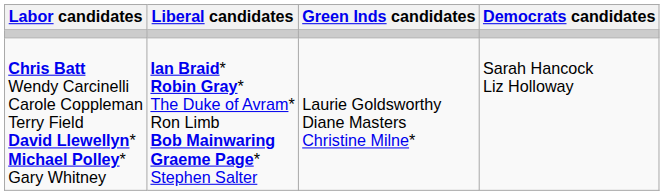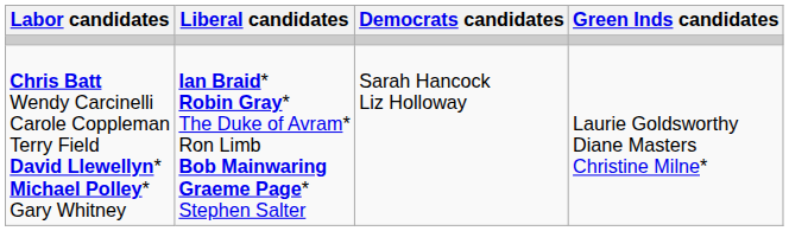 <table class="wikitable">
 <tr>
 <th><a href='#'>Labor</a> candidates</th>
 <th><a href='#'>Liberal</a> candidates</th>
+<th><a href='#'>Democrats</a> candidates</th>
 <th><a href='#'>Green Inds</a> candidates</th>
-<th><a href='#'>Democrats</a> candidates</th>
 </tr>
 <tr bgcolor="#cccccc">
 <td></td>
 <td></td>
 <td></td>
 <td></td>
 </tr>
 <tr>
 <td><br><strong><a href='#'>Chris Batt</a></strong><br> Wendy Carcinelli<br> Carole Coppleman<br> Terry Field<br> <strong><a href='#'>David Llewellyn</a></strong>*<br> <strong><a href='#'>Michael Polley</a></strong>*<br> Gary Whitney</td>
 <td><br><strong><a href='#'>Ian Braid</a></strong>*<br> <strong><a href='#'>Robin Gray</a></strong>*<br> <a href='#'>The Duke of Avram</a>*<br> Ron Limb<br> <strong><a href='#'>Bob Mainwaring</a></strong><br> <strong><a href='#'>Graeme Page</a></strong>*<br> <a href='#'>Stephen Salter</a></td>
+<td valign=top><br>Sarah Hancock<br> Liz Holloway</td>
 <td><br>Laurie Goldsworthy<br> Diane Masters<br> <a href='#'>Christine Milne</a>*</td>
-<td valign=top><br>Sarah Hancock<br> Liz Holloway</td>
 </tr>
 </table>
